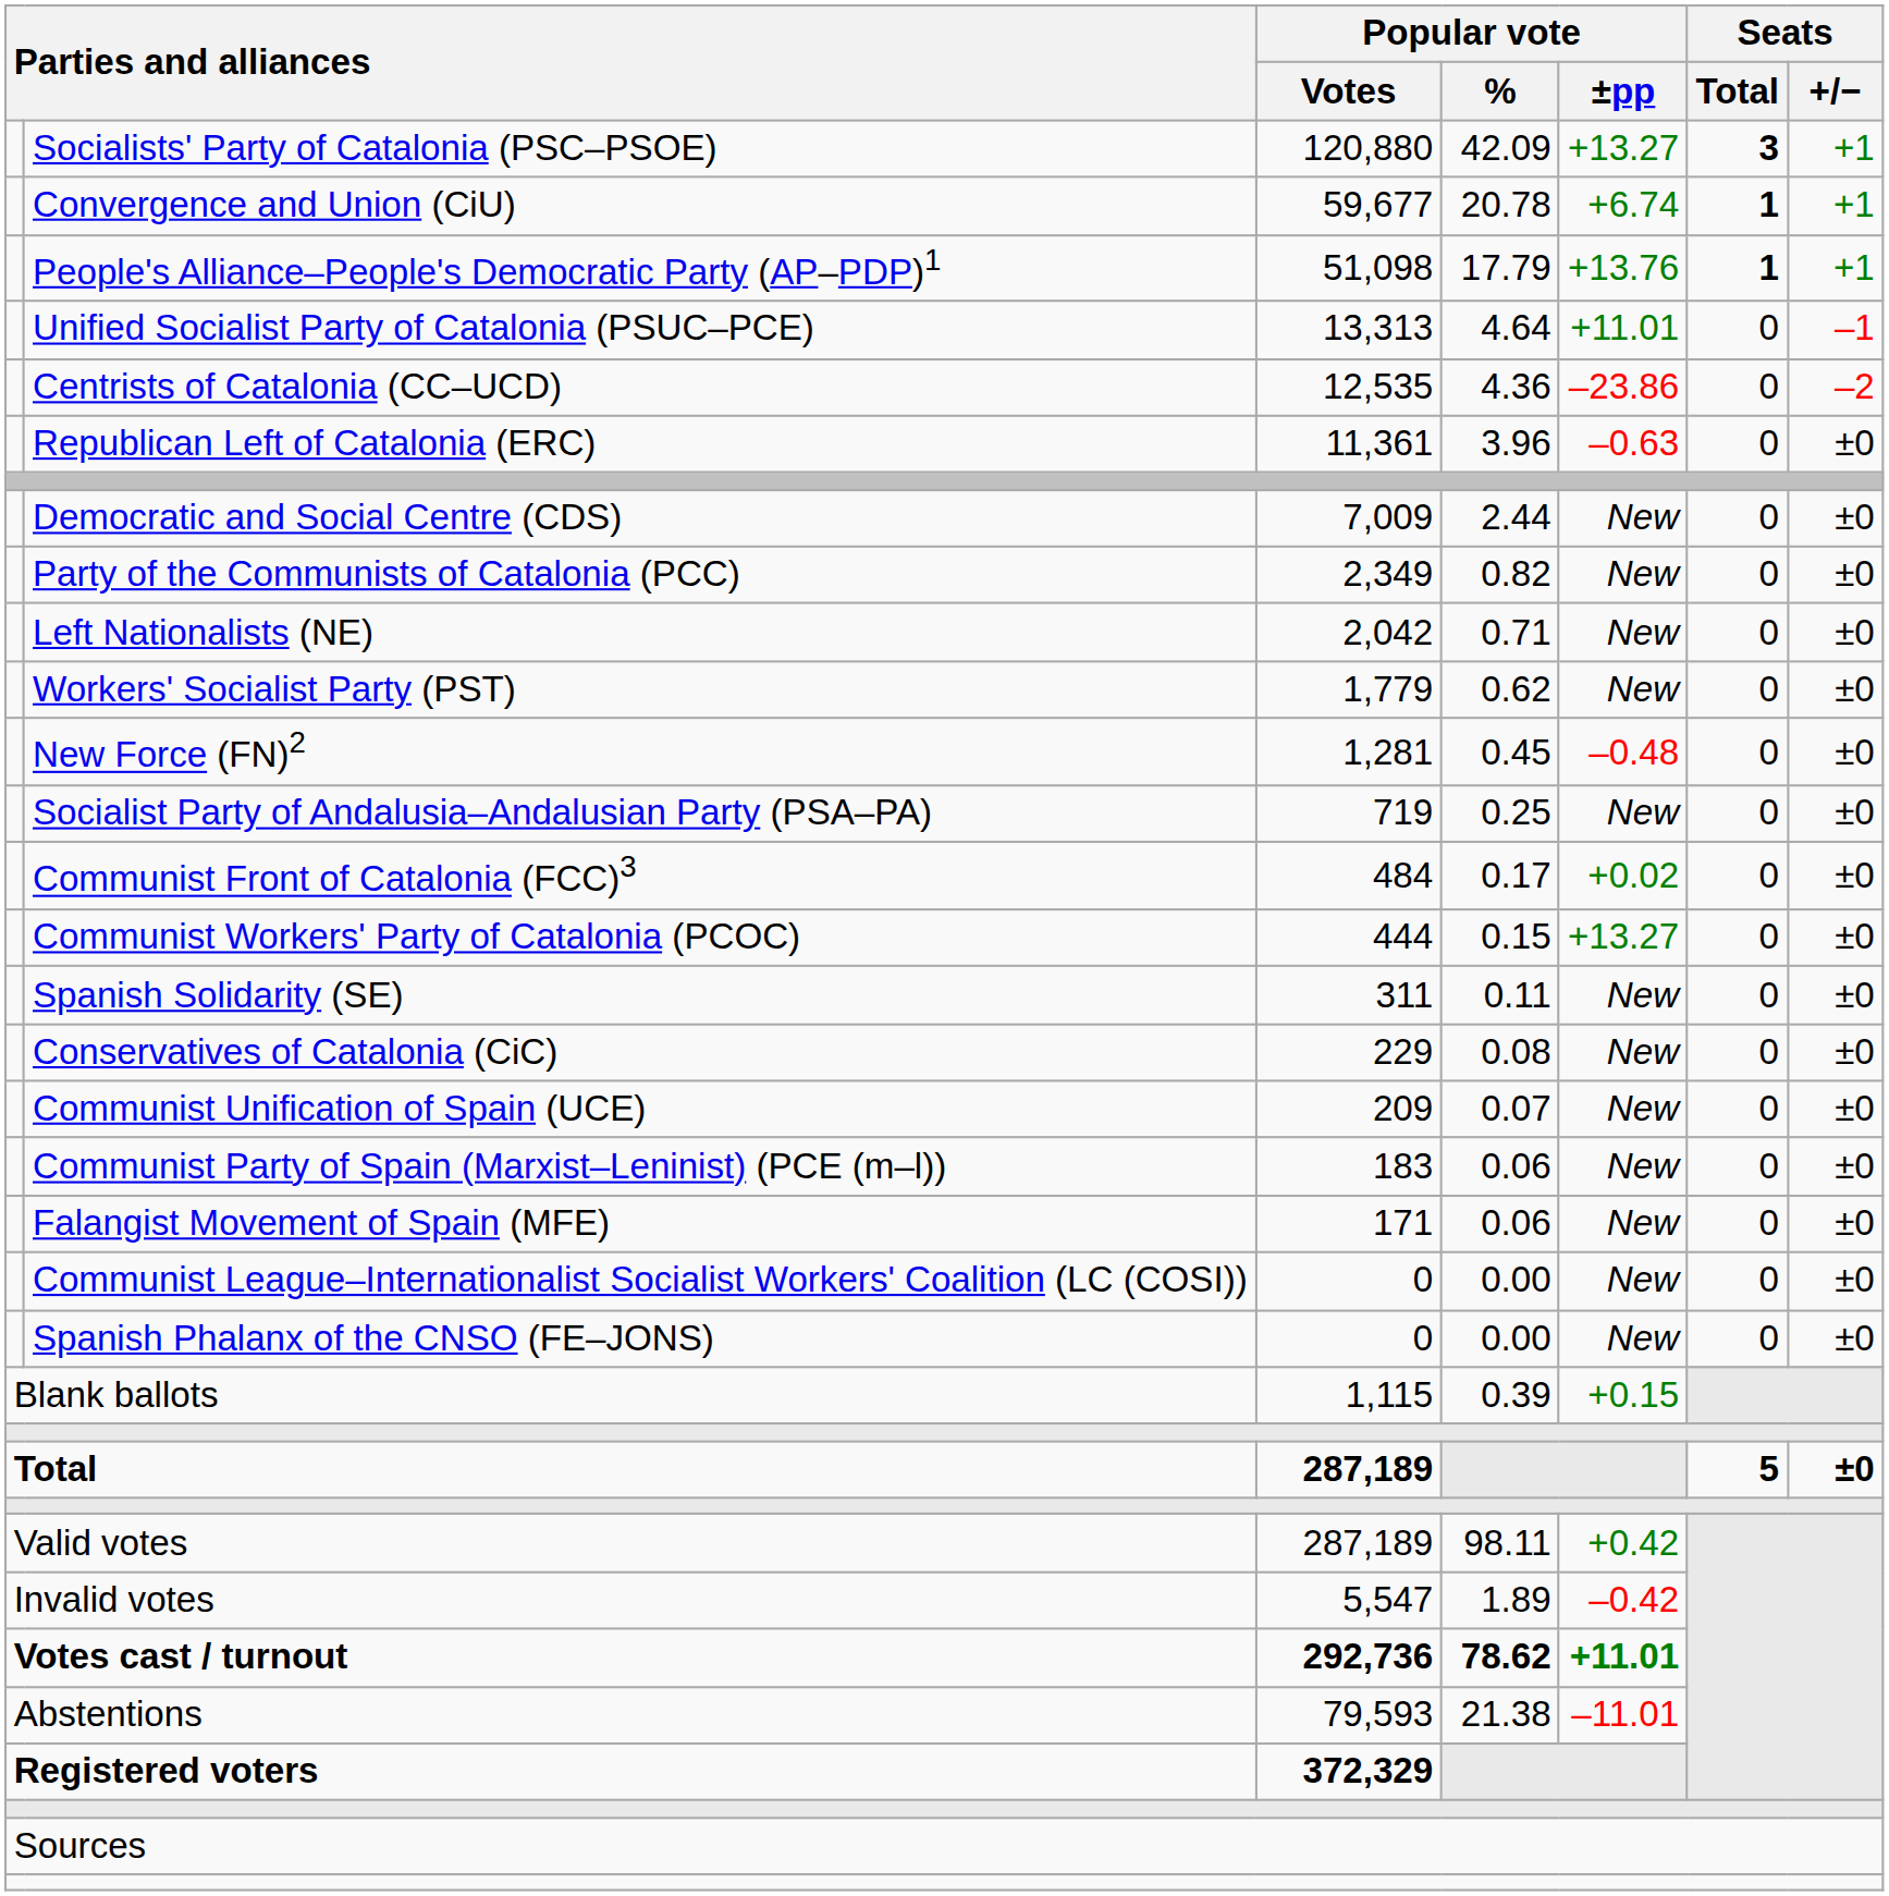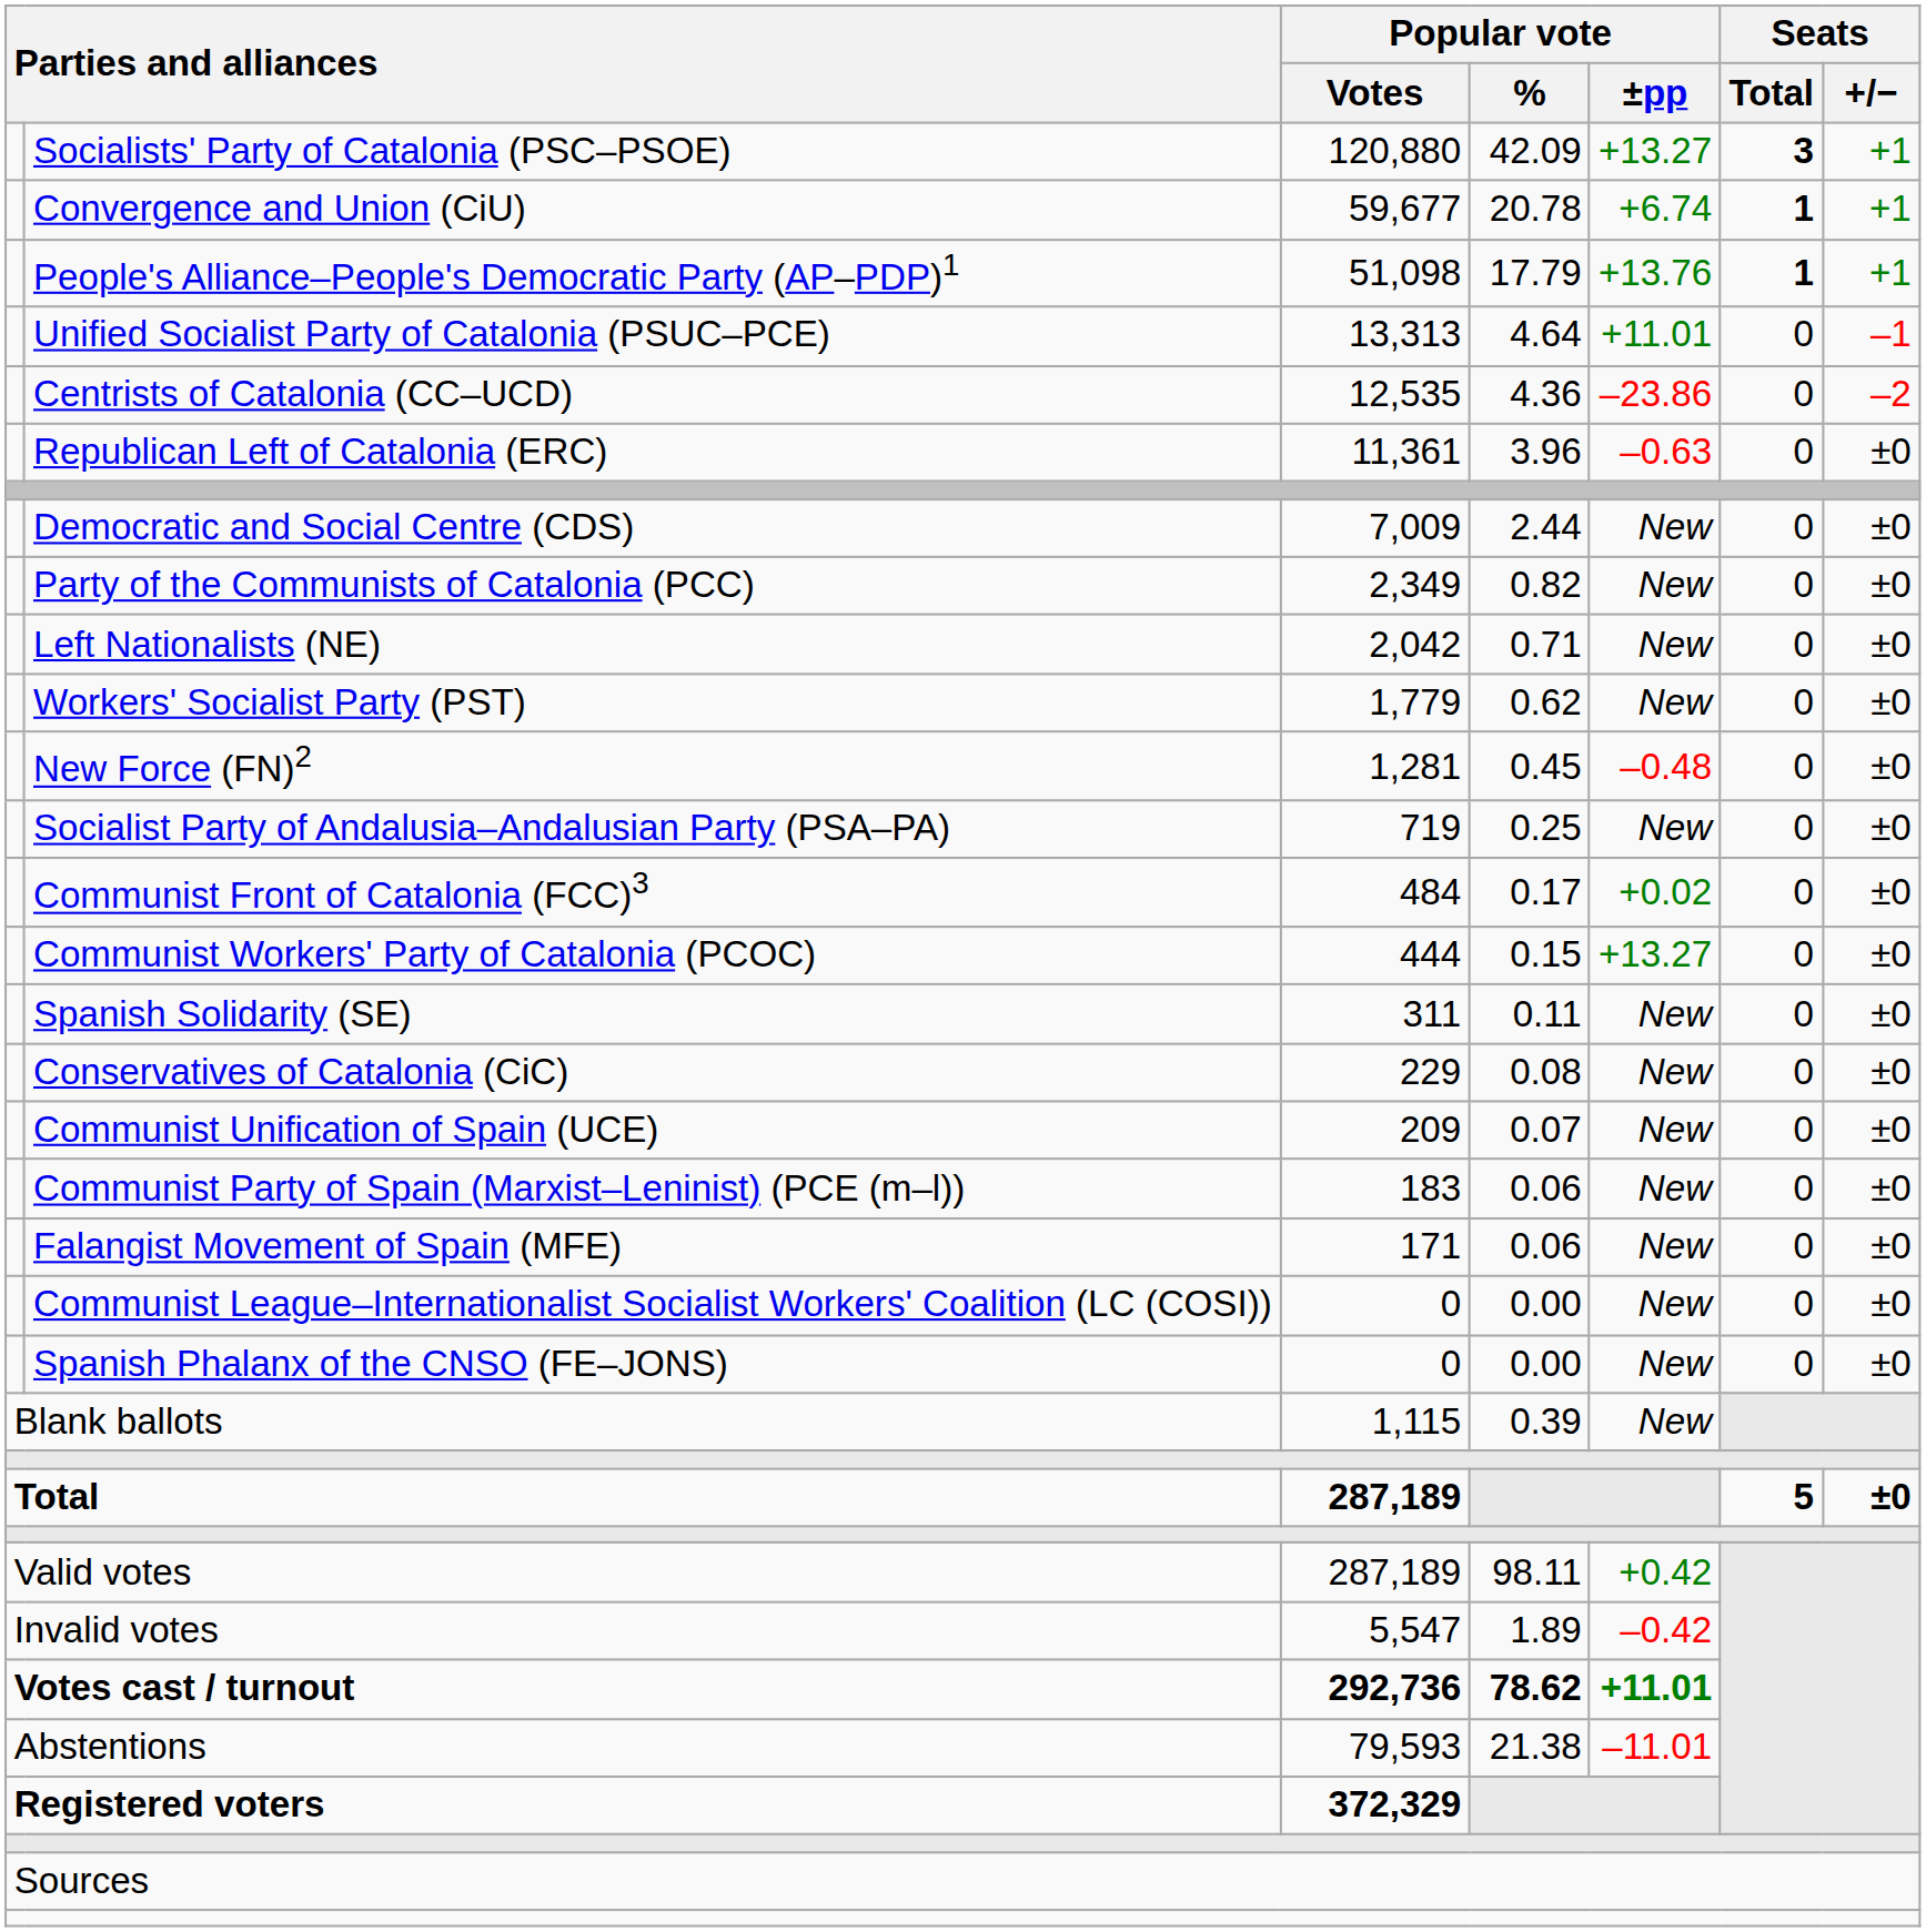 <table class="wikitable" style="text-align:right;">
 <tr>
 <th style="text-align:left;" rowspan="2" colspan="2" width="525">Parties and alliances</th>
 <th colspan="3">Popular vote</th>
 <th colspan="2">Seats</th>
 </tr>
 <tr>
 <th width="75">Votes</th>
 <th width="45">%</th>
 <th width="45">±<a href='#'>pp</a></th>
 <th width="35">Total</th>
 <th width="35">+/−</th>
 </tr>
 <tr>
 <td width="1" style="color:inherit;background:"></td>
 <td align="left"><a href='#'>Socialists' Party of Catalonia</a> (PSC–PSOE)</td>
 <td>120,880</td>
 <td>42.09</td>
 <td style="color:green;">+13.27</td>
 <td><strong>3</strong></td>
 <td style="color:green;">+1</td>
 </tr>
 <tr>
 <td style="color:inherit;background:"></td>
 <td align="left"><a href='#'>Convergence and Union</a> (CiU)</td>
 <td>59,677</td>
 <td>20.78</td>
 <td style="color:green;">+6.74</td>
 <td><strong>1</strong></td>
 <td style="color:green;">+1</td>
 </tr>
 <tr>
 <td style="color:inherit;background:"></td>
 <td align="left"><a href='#'>People's Alliance–People's Democratic Party</a> (<a href='#'>AP</a>–<a href='#'>PDP</a>)<sup>1</sup></td>
 <td>51,098</td>
 <td>17.79</td>
 <td style="color:green;">+13.76</td>
 <td><strong>1</strong></td>
 <td style="color:green;">+1</td>
 </tr>
 <tr>
 <td style="color:inherit;background:"></td>
 <td align="left"><a href='#'>Unified Socialist Party of Catalonia</a> (PSUC–PCE)</td>
 <td>13,313</td>
 <td>4.64</td>
 <td style="color:green;">+11.01</td>
 <td>0</td>
 <td style="color:red;">–1</td>
 </tr>
 <tr>
 <td style="color:inherit;background:"></td>
 <td align="left"><a href='#'>Centrists of Catalonia</a> (CC–UCD)</td>
 <td>12,535</td>
 <td>4.36</td>
 <td style="color:red;">–23.86</td>
 <td>0</td>
 <td style="color:red;">–2</td>
 </tr>
 <tr>
 <td style="color:inherit;background:"></td>
 <td align="left"><a href='#'>Republican Left of Catalonia</a> (ERC)</td>
 <td>11,361</td>
 <td>3.96</td>
 <td style="color:red;">–0.63</td>
 <td>0</td>
 <td>±0</td>
 </tr>
 <tr>
 <td colspan="7" bgcolor="#C0C0C0"></td>
 </tr>
 <tr>
 <td style="color:inherit;background:"></td>
 <td align="left"><a href='#'>Democratic and Social Centre</a> (CDS)</td>
 <td>7,009</td>
 <td>2.44</td>
 <td><em>New</em></td>
 <td>0</td>
 <td>±0</td>
 </tr>
 <tr>
 <td style="color:inherit;background:"></td>
 <td align="left"><a href='#'>Party of the Communists of Catalonia</a> (PCC)</td>
 <td>2,349</td>
 <td>0.82</td>
 <td><em>New</em></td>
 <td>0</td>
 <td>±0</td>
 </tr>
 <tr>
 <td style="color:inherit;background:"></td>
 <td align="left"><a href='#'>Left Nationalists</a> (NE)</td>
 <td>2,042</td>
 <td>0.71</td>
 <td><em>New</em></td>
 <td>0</td>
 <td>±0</td>
 </tr>
 <tr>
 <td style="color:inherit;background:"></td>
 <td align="left"><a href='#'>Workers' Socialist Party</a> (PST)</td>
 <td>1,779</td>
 <td>0.62</td>
 <td><em>New</em></td>
 <td>0</td>
 <td>±0</td>
 </tr>
 <tr>
 <td style="color:inherit;background:"></td>
 <td align="left"><a href='#'>New Force</a> (FN)<sup>2</sup></td>
 <td>1,281</td>
 <td>0.45</td>
 <td style="color:red;">–0.48</td>
 <td>0</td>
 <td>±0</td>
 </tr>
 <tr>
 <td style="color:inherit;background:"></td>
 <td align="left"><a href='#'>Socialist Party of Andalusia–Andalusian Party</a> (PSA–PA)</td>
 <td>719</td>
 <td>0.25</td>
 <td><em>New</em></td>
 <td>0</td>
 <td>±0</td>
 </tr>
 <tr>
 <td style="color:inherit;background:"></td>
 <td align="left"><a href='#'>Communist Front of Catalonia</a> (FCC)<sup>3</sup></td>
 <td>484</td>
 <td>0.17</td>
 <td style="color:green;">+0.02</td>
 <td>0</td>
 <td>±0</td>
 </tr>
 <tr>
 <td style="color:inherit;background:"></td>
 <td align="left"><a href='#'>Communist Workers' Party of Catalonia</a> (PCOC)</td>
 <td>444</td>
 <td>0.15</td>
 <td style="color:green;">+13.27</td>
 <td>0</td>
 <td>±0</td>
 </tr>
 <tr>
 <td style="color:inherit;background:"></td>
 <td align="left"><a href='#'>Spanish Solidarity</a> (SE)</td>
 <td>311</td>
 <td>0.11</td>
 <td><em>New</em></td>
 <td>0</td>
 <td>±0</td>
 </tr>
 <tr>
 <td style="color:inherit;background:"></td>
 <td align="left"><a href='#'>Conservatives of Catalonia</a> (CiC)</td>
 <td>229</td>
 <td>0.08</td>
 <td><em>New</em></td>
 <td>0</td>
 <td>±0</td>
 </tr>
 <tr>
 <td style="color:inherit;background:"></td>
 <td align="left"><a href='#'>Communist Unification of Spain</a> (UCE)</td>
 <td>209</td>
 <td>0.07</td>
 <td><em>New</em></td>
 <td>0</td>
 <td>±0</td>
 </tr>
 <tr>
 <td style="color:inherit;background:"></td>
 <td align="left"><a href='#'>Communist Party of Spain (Marxist–Leninist)</a> (PCE (m–l))</td>
 <td>183</td>
 <td>0.06</td>
 <td><em>New</em></td>
 <td>0</td>
 <td>±0</td>
 </tr>
 <tr>
 <td style="color:inherit;background:"></td>
 <td align="left"><a href='#'>Falangist Movement of Spain</a> (MFE)</td>
 <td>171</td>
 <td>0.06</td>
 <td><em>New</em></td>
 <td>0</td>
 <td>±0</td>
 </tr>
 <tr>
 <td style="color:inherit;background:"></td>
 <td align="left"><a href='#'>Communist League–Internationalist Socialist Workers' Coalition</a> (LC (COSI))</td>
 <td>0</td>
 <td>0.00</td>
 <td><em>New</em></td>
 <td>0</td>
 <td>±0</td>
 </tr>
 <tr>
 <td style="color:inherit;background:"></td>
 <td align="left"><a href='#'>Spanish Phalanx of the CNSO</a> (FE–JONS)</td>
 <td>0</td>
 <td>0.00</td>
 <td><em>New</em></td>
 <td>0</td>
 <td>±0</td>
 </tr>
 <tr>
 <td align="left" colspan="2">Blank ballots</td>
 <td>1,115</td>
 <td>0.39</td>
-<td style="color:green;">+0.15</td>
+<td><em>New</em></td>
 <td bgcolor="#E9E9E9" colspan="2"></td>
 </tr>
 <tr>
 <td colspan="7" bgcolor="#E9E9E9"></td>
 </tr>
 <tr style="font-weight:bold;">
 <td align="left" colspan="2">Total</td>
 <td>287,189</td>
 <td bgcolor="#E9E9E9" colspan="2"></td>
 <td>5</td>
 <td>±0</td>
 </tr>
 <tr>
 <td colspan="7" bgcolor="#E9E9E9"></td>
 </tr>
 <tr>
 <td align="left" colspan="2">Valid votes</td>
 <td>287,189</td>
 <td>98.11</td>
 <td style="color:green;">+0.42</td>
 <td bgcolor="#E9E9E9" colspan="2" rowspan="5"></td>
 </tr>
 <tr>
 <td align="left" colspan="2">Invalid votes</td>
 <td>5,547</td>
 <td>1.89</td>
 <td style="color:red;">–0.42</td>
 </tr>
 <tr style="font-weight:bold;">
 <td align="left" colspan="2">Votes cast / turnout</td>
 <td>292,736</td>
 <td>78.62</td>
 <td style="color:green;">+11.01</td>
 </tr>
 <tr>
 <td align="left" colspan="2">Abstentions</td>
 <td>79,593</td>
 <td>21.38</td>
 <td style="color:red;">–11.01</td>
 </tr>
 <tr style="font-weight:bold;">
 <td align="left" colspan="2">Registered voters</td>
 <td>372,329</td>
 <td bgcolor="#E9E9E9" colspan="2"></td>
 </tr>
 <tr>
 <td colspan="7" bgcolor="#E9E9E9"></td>
 </tr>
 <tr>
 <td align="left" colspan="7">Sources</td>
 </tr>
 <tr>
 <td colspan="7" style="text-align:left; max-width:790px;"></td>
 </tr>
 </table>
